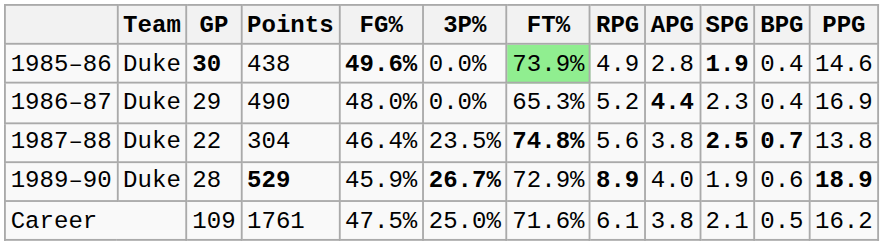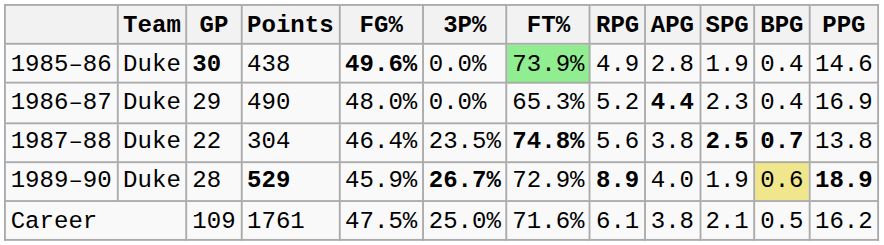 <table class="wikitable">
 <tr>
 <th></th>
 <th>Team</th>
 <th>GP</th>
 <th>Points</th>
 <th>FG%</th>
 <th>3P%</th>
 <th>FT%</th>
 <th>RPG</th>
 <th>APG</th>
 <th>SPG</th>
 <th>BPG</th>
 <th>PPG</th>
 </tr>
 <tr>
 <td>1985–86</td>
 <td>Duke</td>
 <td><strong>30</strong></td>
 <td>438</td>
 <td><strong>49.6%</strong></td>
 <td>0.0%</td>
 <td style="background: lightgreen;">73.9%</td>
 <td>4.9</td>
 <td>2.8</td>
-<td><strong>1.9</strong></td>
+<td>1.9</td>
 <td>0.4</td>
 <td>14.6</td>
 </tr>
 <tr>
 <td>1986–87</td>
 <td>Duke</td>
 <td>29</td>
 <td>490</td>
 <td>48.0%</td>
 <td>0.0%</td>
 <td>65.3%</td>
 <td>5.2</td>
 <td><strong>4.4</strong></td>
 <td>2.3</td>
 <td>0.4</td>
 <td>16.9</td>
 </tr>
 <tr>
 <td>1987–88</td>
 <td>Duke</td>
 <td>22</td>
 <td>304</td>
 <td>46.4%</td>
 <td>23.5%</td>
 <td><strong>74.8%</strong></td>
 <td>5.6</td>
 <td>3.8</td>
 <td><strong>2.5</strong></td>
 <td><strong>0.7</strong></td>
 <td>13.8</td>
 </tr>
 <tr>
 <td>1989–90</td>
 <td>Duke</td>
 <td>28</td>
 <td><strong>529</strong></td>
 <td>45.9%</td>
 <td><strong>26.7%</strong></td>
 <td>72.9%</td>
 <td><strong>8.9</strong></td>
 <td>4.0</td>
 <td>1.9</td>
-<td>0.6</td>
+<td style="background: khaki;">0.6</td>
 <td><strong>18.9</strong></td>
 </tr>
 <tr>
 <td colspan="2">Career</td>
 <td>109</td>
 <td>1761</td>
 <td>47.5%</td>
 <td>25.0%</td>
 <td>71.6%</td>
 <td>6.1</td>
 <td>3.8</td>
 <td>2.1</td>
 <td>0.5</td>
 <td>16.2</td>
 </tr>
 </table>
